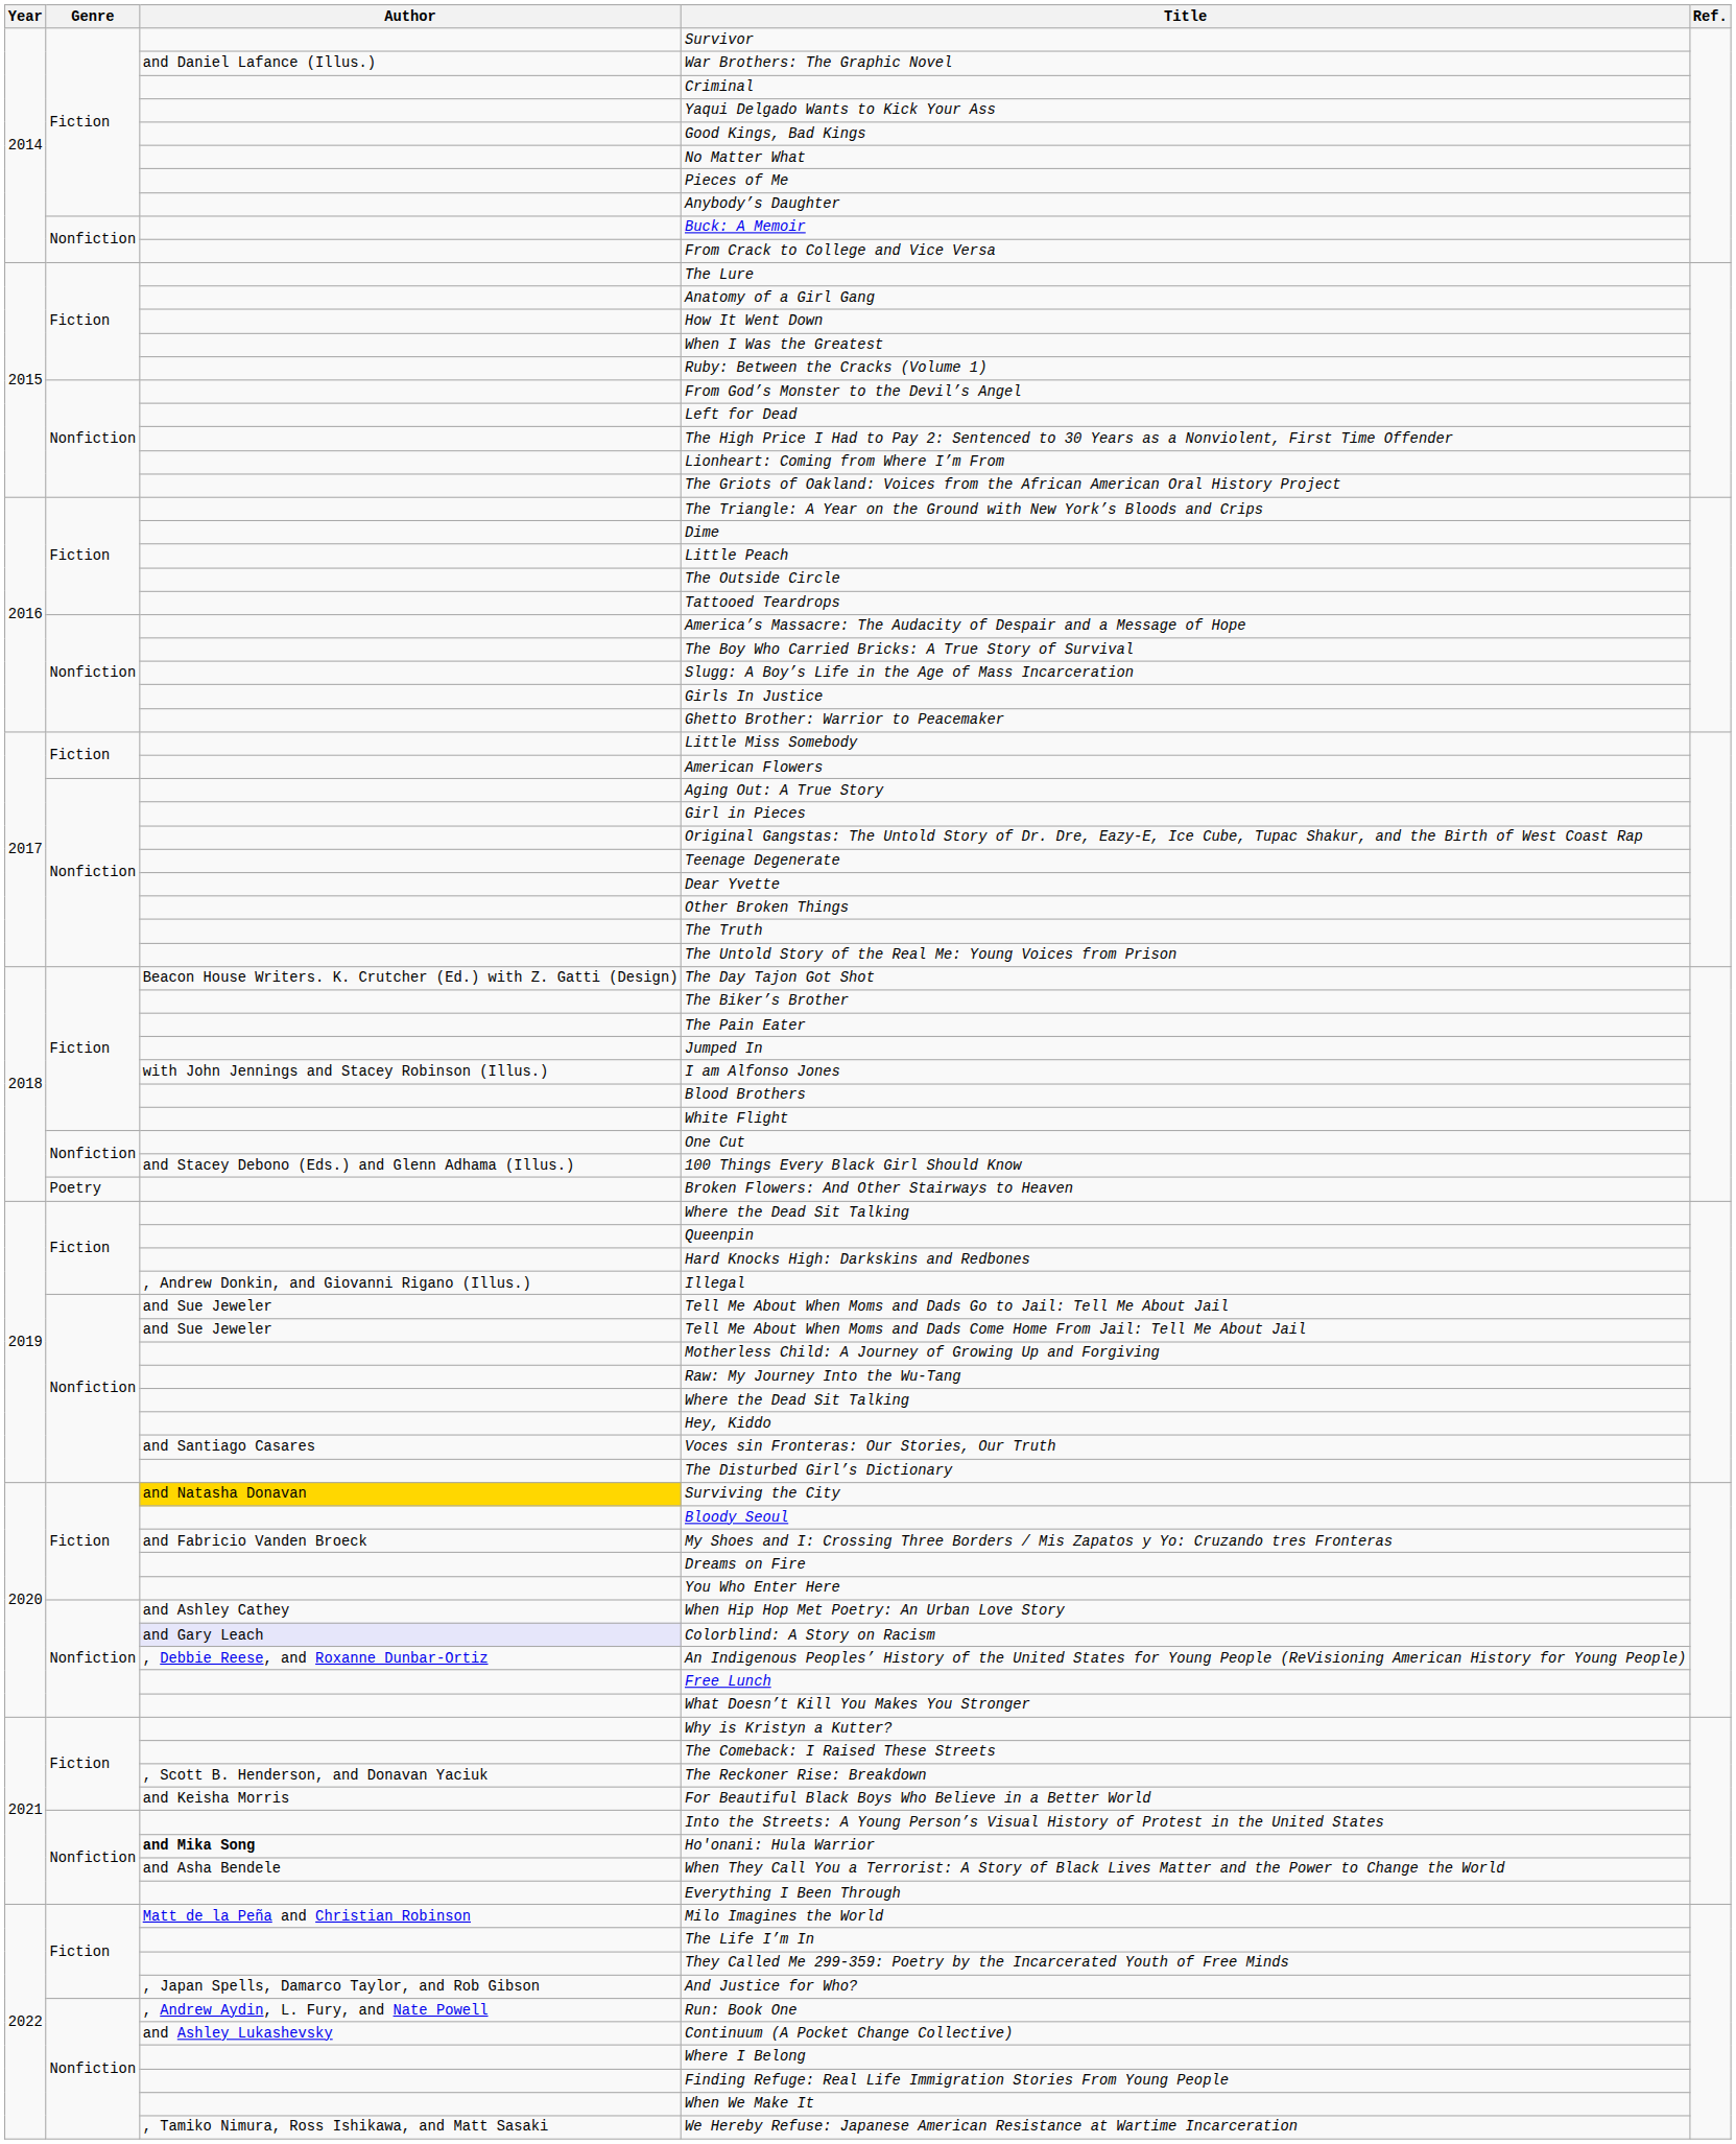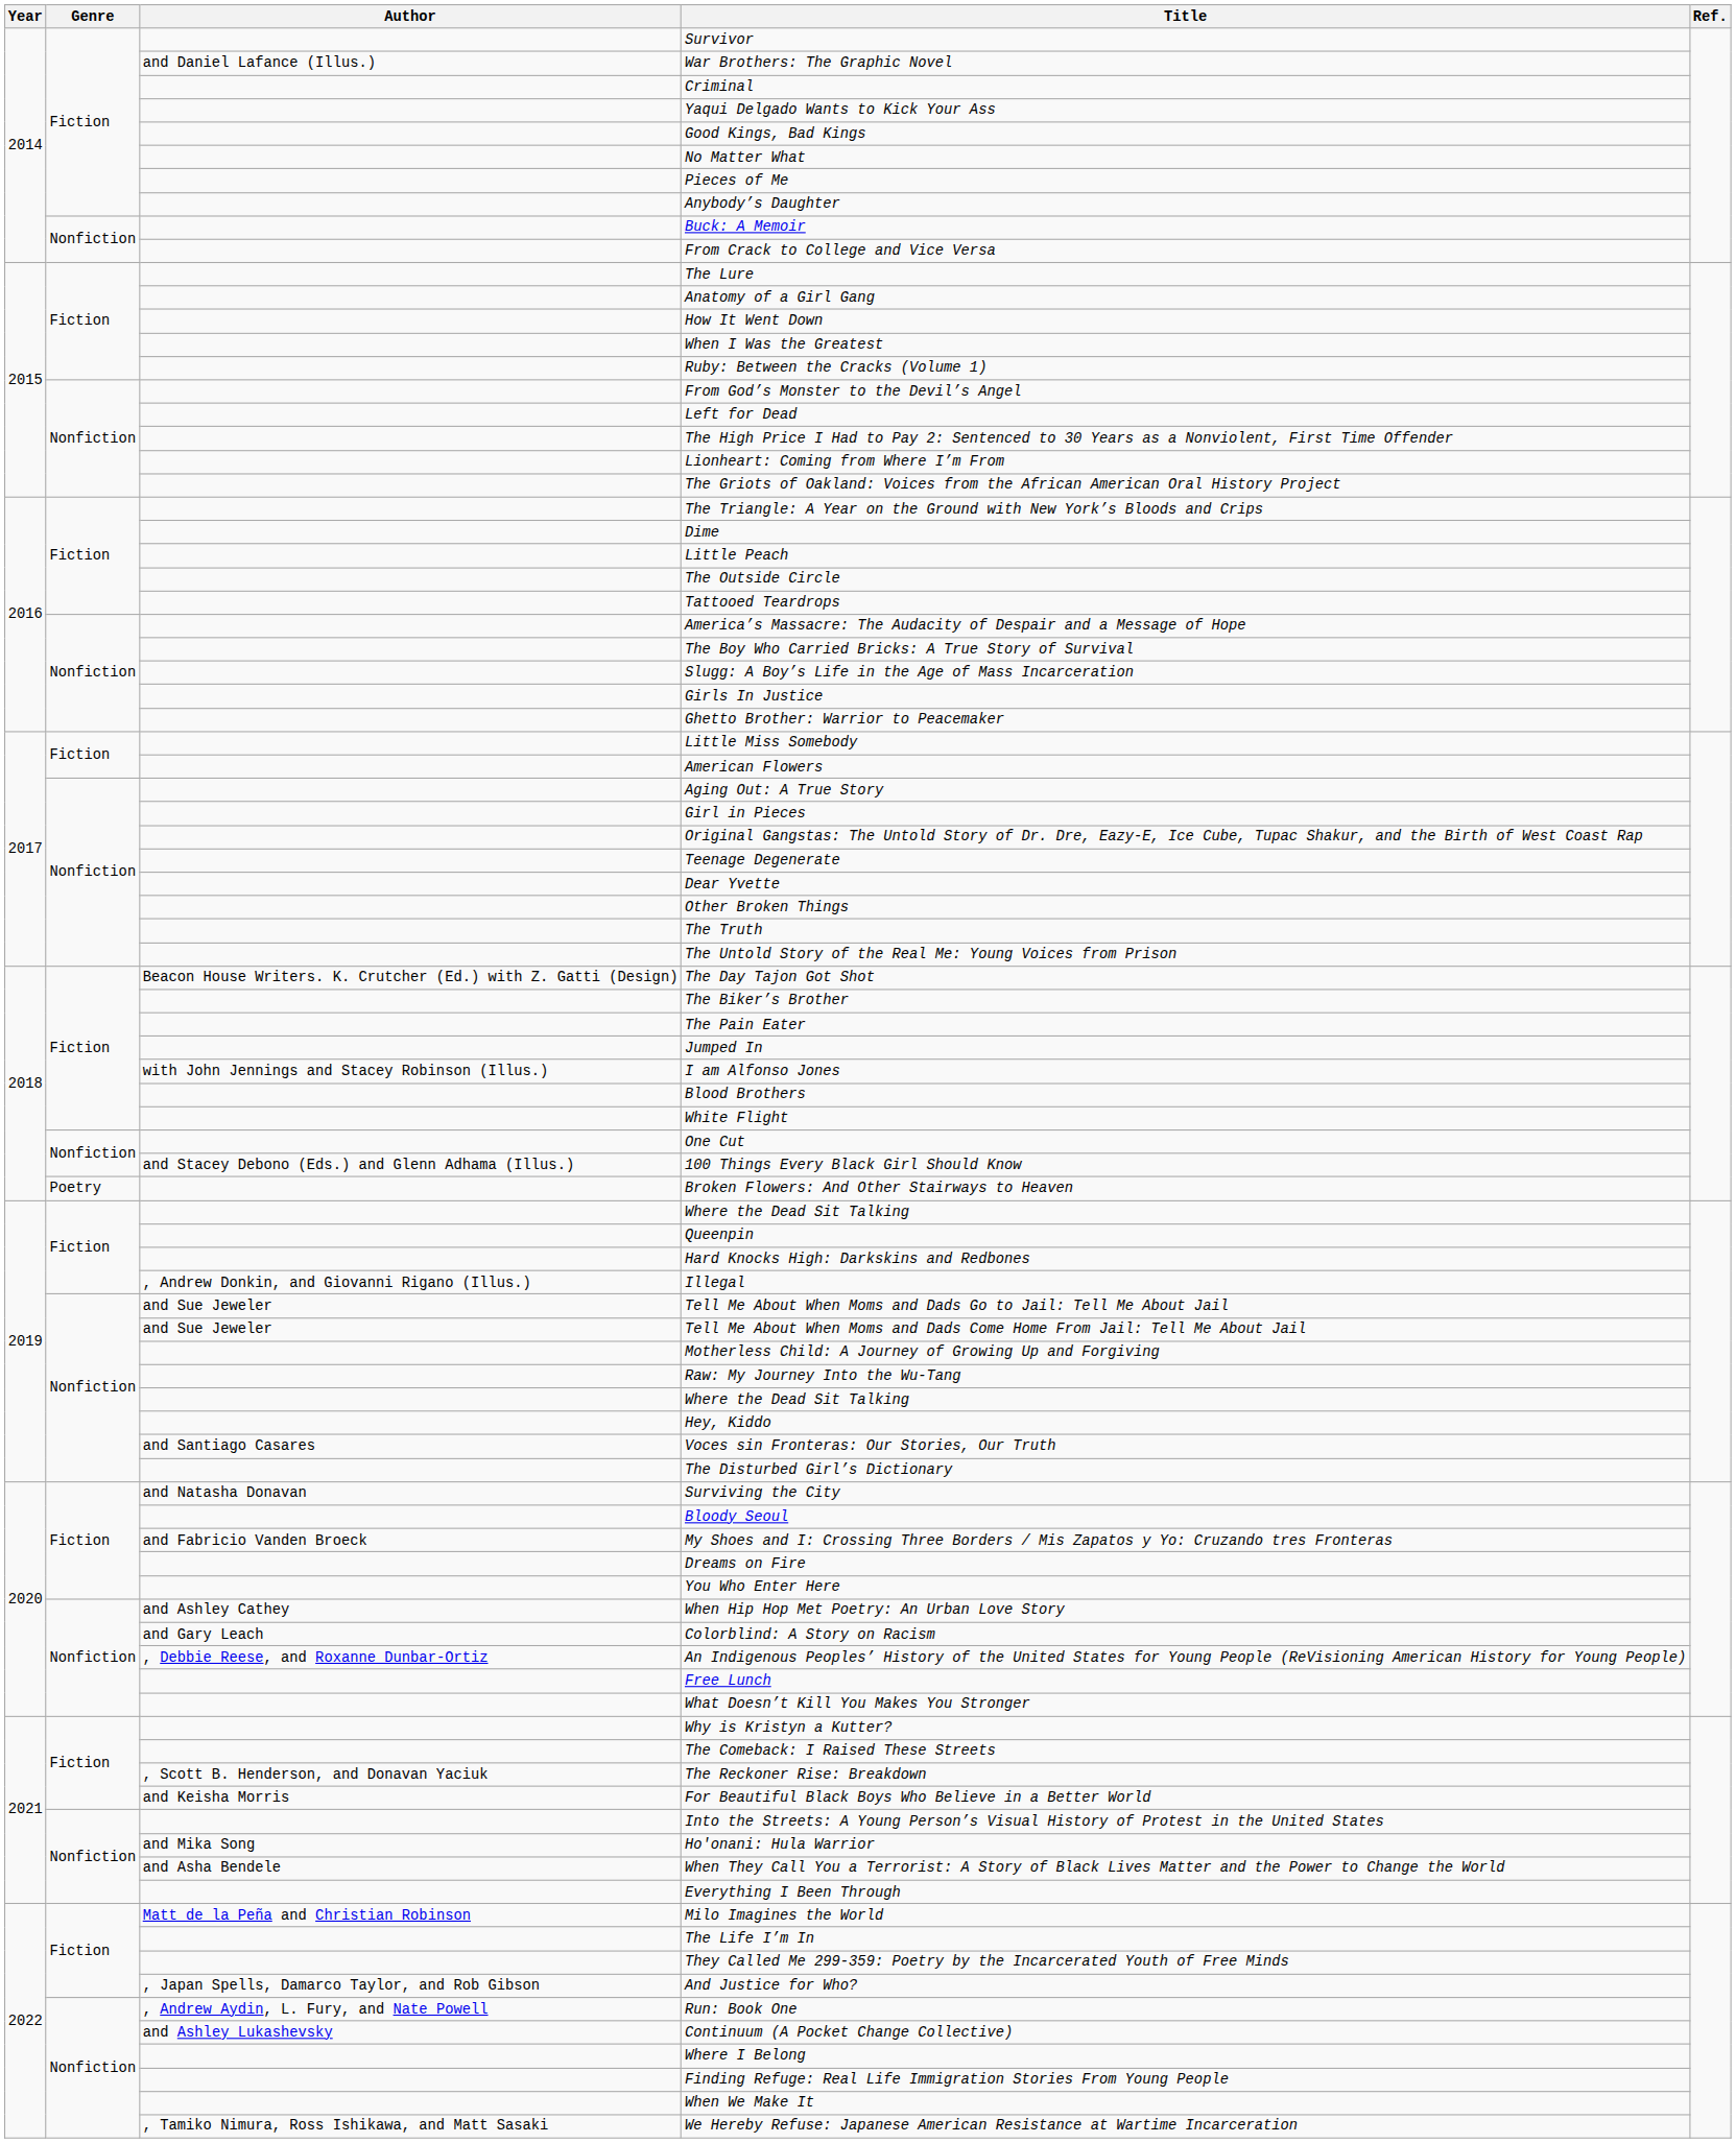 <table class="wikitable">
 <tr>
 <th>Year</th>
 <th>Genre</th>
 <th>Author</th>
 <th>Title</th>
 <th>Ref.</th>
 </tr>
 <tr>
 <td rowspan="10">2014</td>
 <td rowspan="8">Fiction</td>
 <td></td>
 <td><em>Survivor</em></td>
 <td rowspan="10"></td>
 </tr>
 <tr>
 <td> and Daniel Lafance (Illus.)</td>
 <td><em>War Brothers: The Graphic Novel</em></td>
 </tr>
 <tr>
 <td></td>
 <td><em>Criminal</em></td>
 </tr>
 <tr>
 <td></td>
 <td><em>Yaqui Delgado Wants to Kick Your Ass</em></td>
 </tr>
 <tr>
 <td></td>
 <td><em>Good Kings, Bad Kings</em></td>
 </tr>
 <tr>
 <td></td>
 <td><em>No Matter What</em></td>
 </tr>
 <tr>
 <td></td>
 <td><em>Pieces of Me</em></td>
 </tr>
 <tr>
 <td></td>
 <td><em>Anybody’s Daughter</em></td>
 </tr>
 <tr>
 <td rowspan="2">Nonfiction</td>
 <td></td>
 <td><em><a href='#'>Buck: A Memoir</a></em></td>
 </tr>
 <tr>
 <td></td>
 <td><em>From Crack to College and Vice Versa</em></td>
 </tr>
 <tr>
 <td rowspan="10">2015</td>
 <td rowspan="5">Fiction</td>
 <td></td>
 <td><em>The Lure</em></td>
 <td rowspan="10"></td>
 </tr>
 <tr>
 <td></td>
 <td><em>Anatomy of a Girl Gang</em></td>
 </tr>
 <tr>
 <td></td>
 <td><em>How It Went Down</em></td>
 </tr>
 <tr>
 <td></td>
 <td><em>When I Was the Greatest</em></td>
 </tr>
 <tr>
 <td></td>
 <td><em>Ruby: Between the Cracks (Volume 1)</em></td>
 </tr>
 <tr>
 <td rowspan="5">Nonfiction</td>
 <td></td>
 <td><em>From God’s Monster to the Devil’s Angel</em></td>
 </tr>
 <tr>
 <td></td>
 <td><em>Left for Dead</em></td>
 </tr>
 <tr>
 <td></td>
 <td><em>The High Price I Had to Pay 2: Sentenced to 30 Years as a Nonviolent, First Time Offender</em></td>
 </tr>
 <tr>
 <td></td>
 <td><em>Lionheart: Coming from Where I’m From</em></td>
 </tr>
 <tr>
 <td></td>
 <td><em>The Griots of Oakland: Voices from the African American Oral History Project</em></td>
 </tr>
 <tr>
 <td rowspan="10">2016</td>
 <td rowspan="5">Fiction</td>
 <td></td>
 <td><em>The Triangle: A Year on the Ground with New York’s Bloods and Crips</em></td>
 <td rowspan="10"></td>
 </tr>
 <tr>
 <td></td>
 <td><em>Dime</em></td>
 </tr>
 <tr>
 <td></td>
 <td><em>Little Peach</em></td>
 </tr>
 <tr>
 <td></td>
 <td><em>The Outside Circle</em></td>
 </tr>
 <tr>
 <td></td>
 <td><em>Tattooed Teardrops</em></td>
 </tr>
 <tr>
 <td rowspan="5">Nonfiction</td>
 <td></td>
 <td><em>America’s Massacre: The Audacity of Despair and a Message of Hope</em></td>
 </tr>
 <tr>
 <td></td>
 <td><em>The Boy Who Carried Bricks: A True Story of Survival</em></td>
 </tr>
 <tr>
 <td></td>
 <td><em>Slugg: A Boy’s Life in the Age of Mass Incarceration</em></td>
 </tr>
 <tr>
 <td></td>
 <td><em>Girls In Justice</em></td>
 </tr>
 <tr>
 <td></td>
 <td><em>Ghetto Brother: Warrior to Peacemaker</em></td>
 </tr>
 <tr>
 <td rowspan="10">2017</td>
 <td rowspan="2">Fiction</td>
 <td></td>
 <td><em>Little Miss Somebody</em></td>
 <td rowspan="10"></td>
 </tr>
 <tr>
 <td></td>
 <td><em>American Flowers</em></td>
 </tr>
 <tr>
 <td rowspan="8">Nonfiction</td>
 <td></td>
 <td><em>Aging Out: A True Story</em></td>
 </tr>
 <tr>
 <td></td>
 <td><em>Girl in Pieces</em></td>
 </tr>
 <tr>
 <td></td>
 <td><em>Original Gangstas: The Untold Story of Dr. Dre, Eazy-E, Ice Cube, Tupac Shakur, and the Birth of West Coast Rap</em></td>
 </tr>
 <tr>
 <td></td>
 <td><em>Teenage Degenerate</em></td>
 </tr>
 <tr>
 <td></td>
 <td><em>Dear Yvette</em></td>
 </tr>
 <tr>
 <td></td>
 <td><em>Other Broken Things</em></td>
 </tr>
 <tr>
 <td></td>
 <td><em>The Truth</em></td>
 </tr>
 <tr>
 <td></td>
 <td><em>The Untold Story of the Real Me: Young Voices from Prison</em></td>
 </tr>
 <tr>
 <td rowspan="10">2018</td>
 <td rowspan="7">Fiction</td>
 <td>Beacon House Writers. K. Crutcher (Ed.) with Z. Gatti (Design)</td>
 <td><em>The Day Tajon Got Shot</em></td>
 <td rowspan="10"></td>
 </tr>
 <tr>
 <td></td>
 <td><em>The Biker’s Brother</em></td>
 </tr>
 <tr>
 <td></td>
 <td><em>The Pain Eater</em></td>
 </tr>
 <tr>
 <td></td>
 <td><em>Jumped In</em></td>
 </tr>
 <tr>
 <td> with John Jennings and Stacey Robinson (Illus.)</td>
 <td><em>I am Alfonso Jones</em></td>
 </tr>
 <tr>
 <td></td>
 <td><em>Blood Brothers</em></td>
 </tr>
 <tr>
 <td></td>
 <td><em>White Flight</em></td>
 </tr>
 <tr>
 <td rowspan="2">Nonfiction</td>
 <td></td>
 <td><em>One Cut</em></td>
 </tr>
 <tr>
 <td> and Stacey Debono (Eds.) and Glenn Adhama (Illus.)</td>
 <td><em>100 Things Every Black Girl Should Know</em></td>
 </tr>
 <tr>
 <td>Poetry</td>
 <td></td>
 <td><em>Broken Flowers: And Other Stairways to Heaven</em></td>
 </tr>
 <tr>
 <td rowspan="12">2019</td>
 <td rowspan="4">Fiction</td>
 <td></td>
 <td><em>Where the Dead Sit Talking</em></td>
 <td rowspan="12"></td>
 </tr>
 <tr>
 <td></td>
 <td><em>Queenpin</em></td>
 </tr>
 <tr>
 <td></td>
 <td><em>Hard Knocks High: Darkskins and Redbones</em></td>
 </tr>
 <tr>
 <td>, Andrew Donkin, and Giovanni Rigano (Illus.)</td>
 <td><em>Illegal</em></td>
 </tr>
 <tr>
 <td rowspan="8">Nonfiction</td>
 <td> and Sue Jeweler</td>
 <td><em>Tell Me About When Moms and Dads Go to Jail: Tell Me About Jail</em></td>
 </tr>
 <tr>
 <td> and Sue Jeweler</td>
 <td><em>Tell Me About When Moms and Dads Come Home From Jail: Tell Me About Jail</em></td>
 </tr>
 <tr>
 <td></td>
 <td><em>Motherless Child: A Journey of Growing Up and Forgiving</em></td>
 </tr>
 <tr>
 <td></td>
 <td><em>Raw: My Journey Into the Wu-Tang</em></td>
 </tr>
 <tr>
 <td></td>
 <td><em>Where the Dead Sit Talking</em></td>
 </tr>
 <tr>
 <td></td>
 <td><em>Hey, Kiddo</em></td>
 </tr>
 <tr>
 <td>and Santiago Casares</td>
 <td><em>Voces sin Fronteras: Our Stories, Our Truth</em></td>
 </tr>
 <tr>
 <td></td>
 <td><em>The Disturbed Girl’s Dictionary</em></td>
 </tr>
 <tr>
 <td rowspan="10">2020</td>
 <td rowspan="5">Fiction</td>
-<td style="background: gold;"> and Natasha Donavan</td>
+<td> and Natasha Donavan</td>
 <td><em>Surviving the City</em></td>
 <td rowspan="10"></td>
 </tr>
 <tr>
 <td></td>
 <td><em><a href='#'>Bloody Seoul</a></em></td>
 </tr>
 <tr>
 <td> and Fabricio Vanden Broeck</td>
 <td><em>My Shoes and I: Crossing Three Borders / Mis Zapatos y Yo: Cruzando tres Fronteras</em></td>
 </tr>
 <tr>
 <td></td>
 <td><em>Dreams on Fire</em></td>
 </tr>
 <tr>
 <td></td>
 <td><em>You Who Enter Here</em></td>
 </tr>
 <tr>
 <td rowspan="5">Nonfiction</td>
 <td> and Ashley Cathey</td>
 <td><em>When Hip Hop Met Poetry: An Urban Love Story</em></td>
 </tr>
 <tr>
-<td style="background: lavender;"> and Gary Leach</td>
+<td> and Gary Leach</td>
 <td><em>Colorblind: A Story on Racism</em></td>
 </tr>
 <tr>
 <td>, <a href='#'>Debbie Reese</a>, and <a href='#'>Roxanne Dunbar-Ortiz</a></td>
 <td><em>An Indigenous Peoples’ History of the United States for Young People (ReVisioning American History for Young People)</em></td>
 </tr>
 <tr>
 <td></td>
 <td><em><a href='#'>Free Lunch</a></em></td>
 </tr>
 <tr>
 <td></td>
 <td><em>What Doesn’t Kill You Makes You Stronger</em></td>
 </tr>
 <tr>
 <td rowspan="8">2021</td>
 <td rowspan="4">Fiction</td>
 <td></td>
 <td><em>Why is Kristyn a Kutter?</em></td>
 <td rowspan="8"></td>
 </tr>
 <tr>
 <td></td>
 <td><em>The Comeback: I Raised These Streets</em></td>
 </tr>
 <tr>
 <td>, Scott B. Henderson, and Donavan Yaciuk</td>
 <td><em>The Reckoner Rise: Breakdown</em></td>
 </tr>
 <tr>
 <td> and Keisha Morris</td>
 <td><em>For Beautiful Black Boys Who Believe in a Better World</em></td>
 </tr>
 <tr>
 <td rowspan="4">Nonfiction</td>
 <td></td>
 <td><em>Into the Streets: A Young Person’s Visual History of Protest in the United States</em></td>
 </tr>
 <tr>
-<td><strong> and Mika Song</strong></td>
+<td> and Mika Song</td>
 <td><em>Ho'onani: Hula Warrior</em></td>
 </tr>
 <tr>
 <td> and Asha Bendele</td>
 <td><em>When They Call You a Terrorist: A Story of Black Lives Matter and the Power to Change the World</em></td>
 </tr>
 <tr>
 <td></td>
 <td><em>Everything I Been Through</em></td>
 </tr>
 <tr>
 <td rowspan="10">2022</td>
 <td rowspan="4">Fiction</td>
 <td {{sortname><a href='#'>Matt de la Peña</a> and <a href='#'>Christian Robinson</a></td>
 <td><em>Milo Imagines the World</em></td>
 <td rowspan="10"></td>
 </tr>
 <tr>
 <td></td>
 <td><em>The Life I’m In</em></td>
 </tr>
 <tr>
 <td></td>
 <td><em>They Called Me 299-359: Poetry by the Incarcerated Youth of Free Minds</em></td>
 </tr>
 <tr>
 <td>, Japan Spells, Damarco Taylor, and Rob Gibson</td>
 <td><em>And Justice for Who?</em></td>
 </tr>
 <tr>
 <td rowspan="6">Nonfiction</td>
 <td>, <a href='#'>Andrew Aydin</a>, L. Fury, and <a href='#'>Nate Powell</a></td>
 <td><em>Run: Book One</em></td>
 </tr>
 <tr>
 <td> and <a href='#'>Ashley Lukashevsky</a></td>
 <td><em>Continuum (A Pocket Change Collective)</em></td>
 </tr>
 <tr>
 <td></td>
 <td><em>Where I Belong</em></td>
 </tr>
 <tr>
 <td></td>
 <td><em>Finding Refuge: Real Life Immigration Stories From Young People</em></td>
 </tr>
 <tr>
 <td></td>
 <td><em>When We Make It</em></td>
 </tr>
 <tr>
 <td>, Tamiko Nimura, Ross Ishikawa, and Matt Sasaki</td>
 <td><em>We Hereby Refuse: Japanese American Resistance at Wartime Incarceration</em></td>
 </tr>
 </table>
